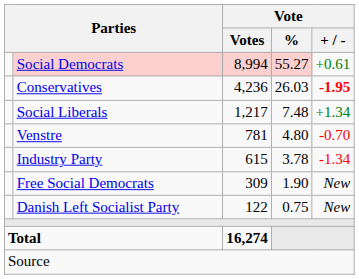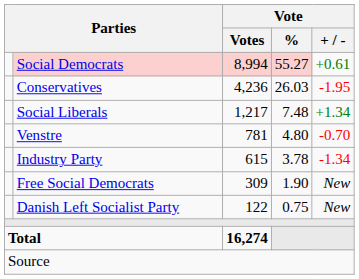 <table class="wikitable" style="text-align:right;">
 <tr>
 <th style="text-align:centre;" rowspan="2" colspan="2" width="225">Parties</th>
 <th colspan="3">Vote</th>
 </tr>
 <tr>
 <th width="15">Votes</th>
 <th width="15">%</th>
 <th width="15">+ / -</th>
 </tr>
 <tr>
 <td width="2" style="color:inherit;background:"></td>
 <td bgcolor=#fbd0ce  align="left"><a href='#'>Social Democrats</a></td>
 <td bgcolor=#fbd0ce>8,994</td>
 <td bgcolor=#fbd0ce>55.27</td>
 <td style=color:green;>+0.61</td>
 </tr>
 <tr>
 <td width="2" style="color:inherit;background:"></td>
 <td align="left"><a href='#'>Conservatives</a></td>
 <td>4,236</td>
 <td>26.03</td>
-<td style=color:red;><strong>-1.95</strong></td>
+<td style=color:red;>-1.95</td>
 </tr>
 <tr>
 <td width="2" style="color:inherit;background:"></td>
 <td align="left"><a href='#'>Social Liberals</a></td>
 <td>1,217</td>
 <td>7.48</td>
 <td style=color:green;>+1.34</td>
 </tr>
 <tr>
 <td width="2" style="color:inherit;background:"></td>
 <td align="left"><a href='#'>Venstre</a></td>
 <td>781</td>
 <td>4.80</td>
 <td style=color:red;>-0.70</td>
 </tr>
 <tr>
 <td width="2" style="color:inherit;background:"></td>
 <td align="left"><a href='#'>Industry Party</a></td>
 <td>615</td>
 <td>3.78</td>
 <td style=color:red;>-1.34</td>
 </tr>
 <tr>
 <td width="2" style="color:inherit;background:"></td>
 <td align="left"><a href='#'>Free Social Democrats</a></td>
 <td>309</td>
 <td>1.90</td>
 <td><em>New</em></td>
 </tr>
 <tr>
 <td width="2" style="color:inherit;background:"></td>
 <td align="left"><a href='#'>Danish Left Socialist Party</a></td>
 <td>122</td>
 <td>0.75</td>
 <td><em>New</em></td>
 </tr>
 <tr>
 <td colspan="7" bgcolor="#E9E9E9"></td>
 </tr>
 <tr>
 <td align="left" colspan="2"><strong>Total</strong></td>
 <td><strong>16,274</strong></td>
 <td bgcolor="#E9E9E9" colspan="2"></td>
 </tr>
 <tr>
 <td align="left" colspan="6">Source</td>
 </tr>
 </table>
